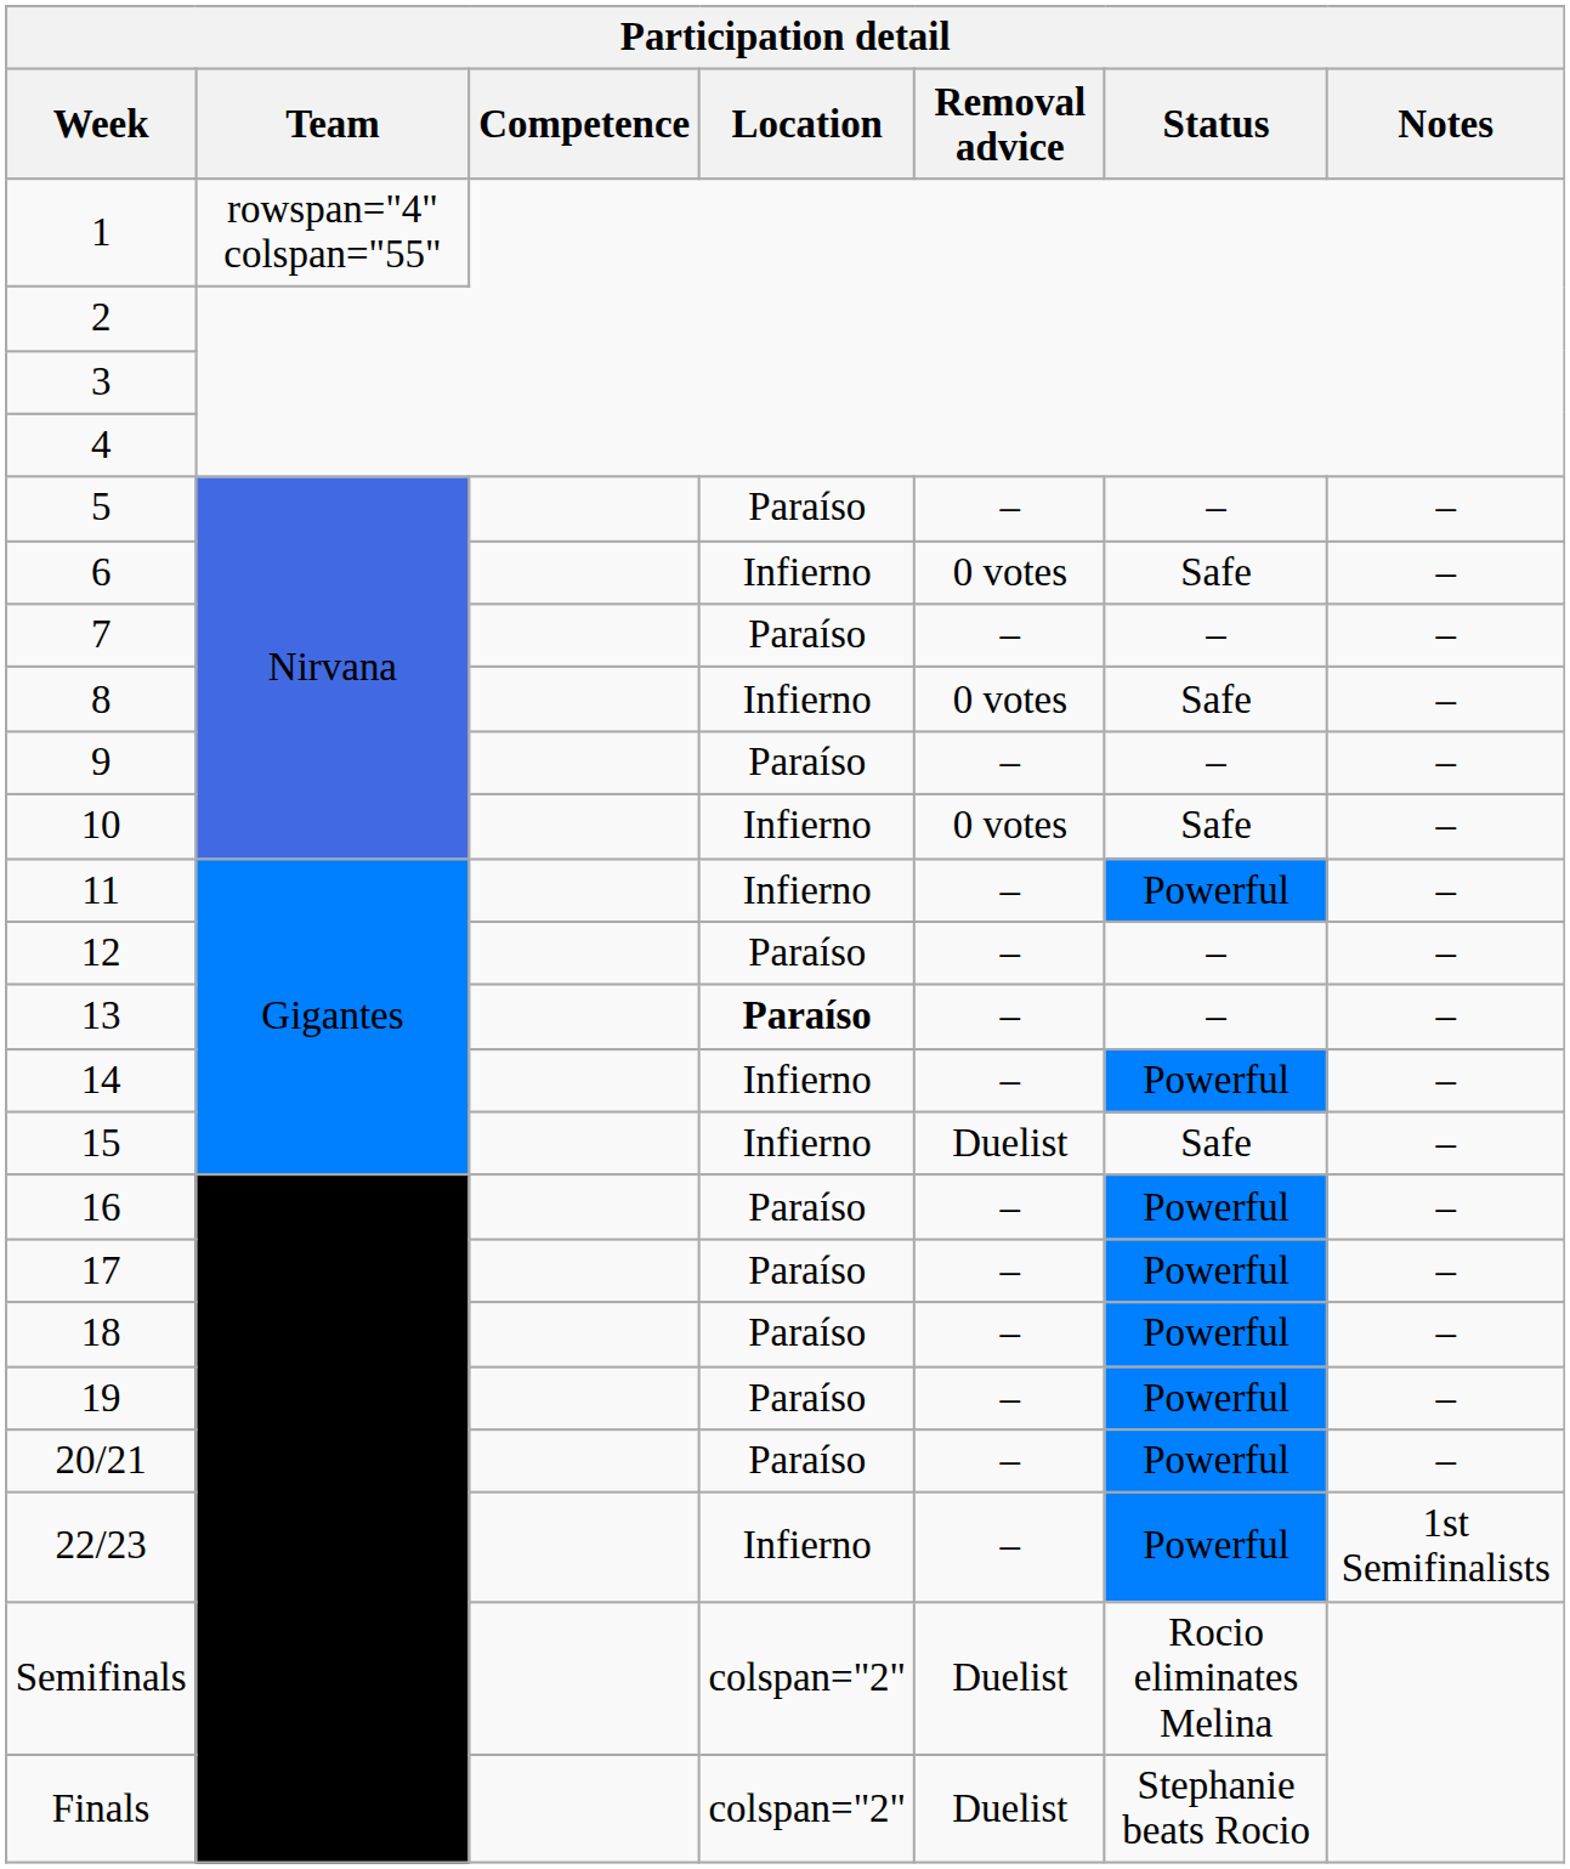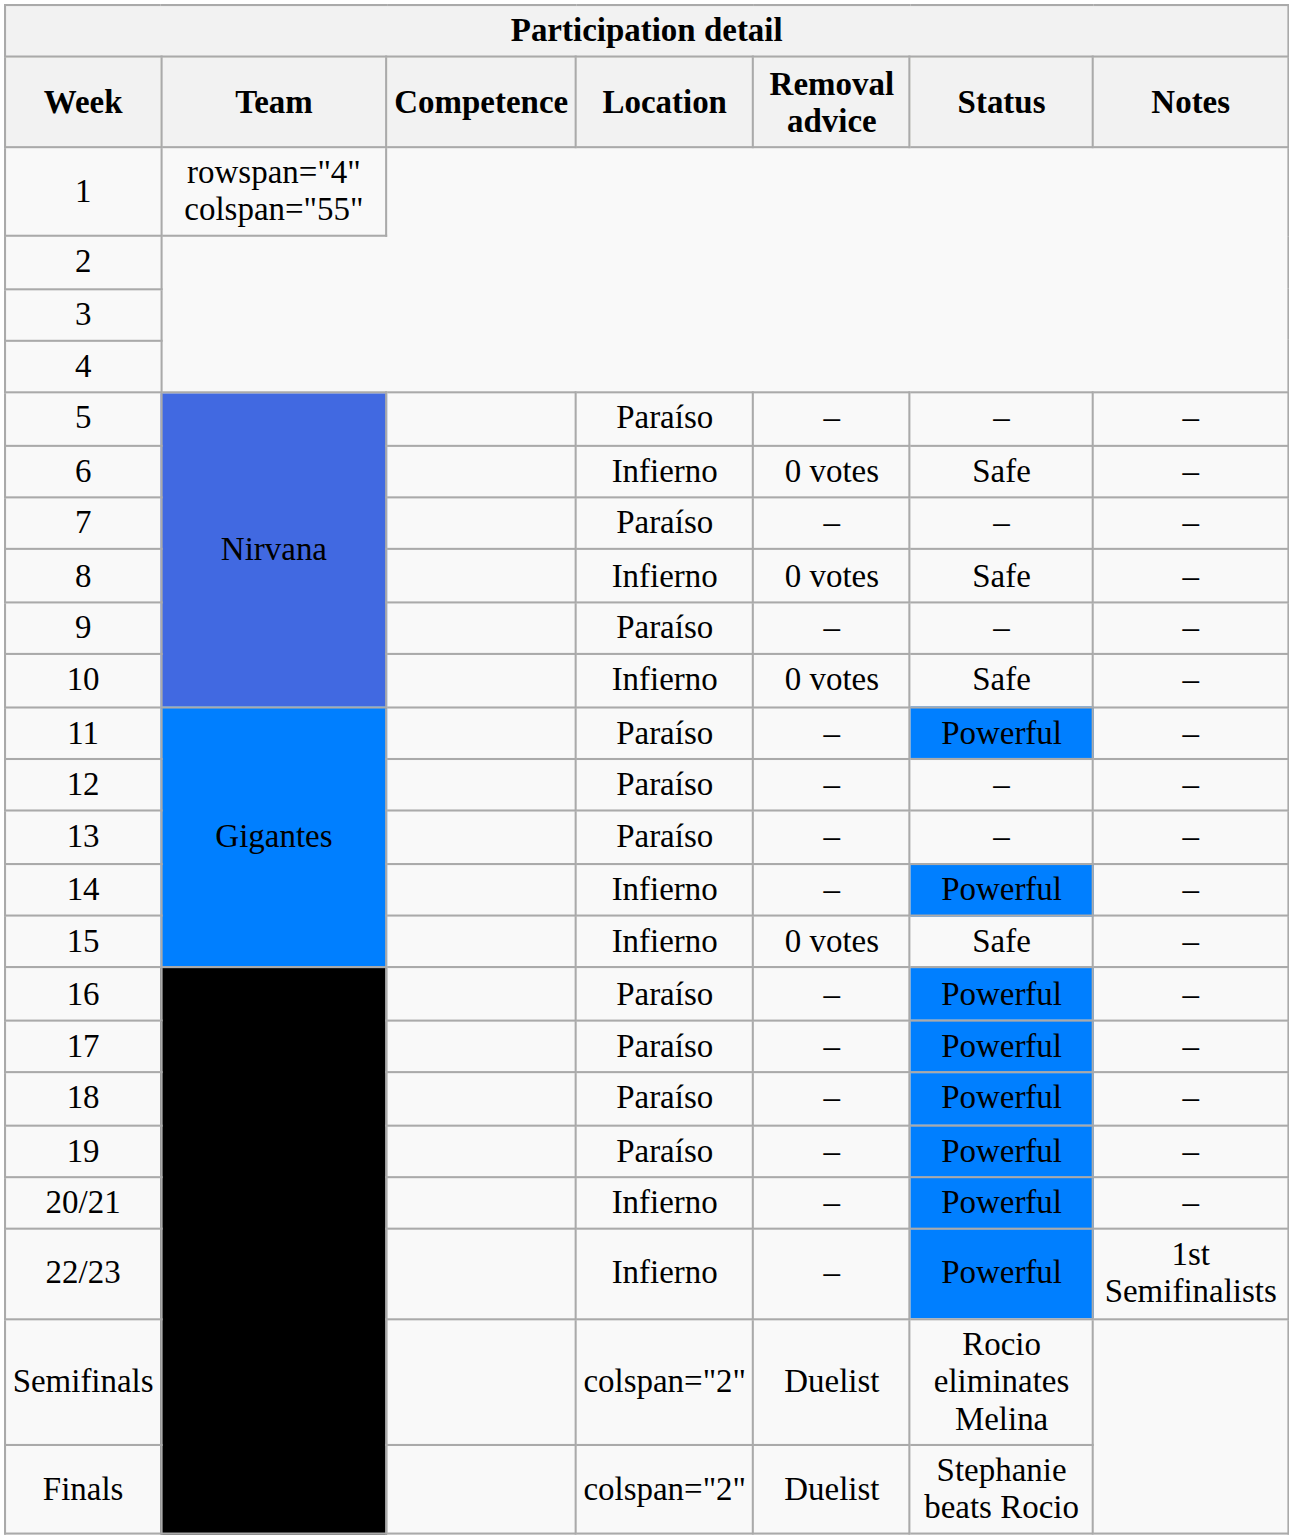 <table class="wikitable collapsible collapsed" style="width:100%; margin:auto;">
 <tr>
 <th colspan="55">Participation detail</th>
 </tr>
 <tr style="background:beige" bgcolor="#DDDDDD">
 <th>Week</th>
 <th>Team</th>
 <th>Competence</th>
 <th>Location</th>
 <th>Removal advice</th>
 <th>Status</th>
 <th>Notes</th>
 </tr>
 <tr style="text-align: center;">
 <td>1</td>
 <td>rowspan="4" colspan="55" </td>
 </tr>
 <tr style="text-align: center;">
 <td>2</td>
 </tr>
 <tr style="text-align: center;">
 <td>3</td>
 </tr>
 <tr style="text-align: center;">
 <td>4</td>
 </tr>
 <tr style="text-align: center;">
 <td>5</td>
 <td rowspan="6" bgcolor="RoyalBlue">Nirvana</td>
 <td></td>
 <td>Paraíso</td>
 <td>–</td>
 <td>–</td>
 <td>–</td>
 </tr>
 <tr style="text-align: center;">
 <td>6</td>
 <td></td>
 <td>Infierno</td>
 <td>0 votes</td>
 <td>Safe</td>
 <td>–</td>
 </tr>
 <tr style="text-align: center;">
 <td>7</td>
 <td></td>
 <td>Paraíso</td>
 <td>–</td>
 <td>–</td>
 <td>–</td>
 </tr>
 <tr style="text-align: center;">
 <td>8</td>
 <td></td>
 <td>Infierno</td>
 <td>0 votes</td>
 <td>Safe</td>
 <td>–</td>
 </tr>
 <tr style="text-align: center;">
 <td>9</td>
 <td></td>
 <td>Paraíso</td>
 <td>–</td>
 <td>–</td>
 <td>–</td>
 </tr>
 <tr style="text-align: center;">
 <td>10</td>
 <td></td>
 <td>Infierno</td>
 <td>0 votes</td>
 <td>Safe</td>
 <td>–</td>
 </tr>
 <tr style="text-align: center;">
 <td>11</td>
 <td rowspan="5" bgcolor="#007FFF">Gigantes</td>
 <td></td>
-<td>Infierno</td>
+<td>Paraíso</td>
 <td>–</td>
 <td bgcolor="#007FFF">Powerful</td>
 <td>–</td>
 </tr>
 <tr style="text-align: center;">
 <td>12</td>
 <td></td>
 <td>Paraíso</td>
 <td>–</td>
 <td>–</td>
 <td>–</td>
 </tr>
 <tr style="text-align: center;">
 <td>13</td>
 <td></td>
-<td><strong>Paraíso</strong></td>
+<td>Paraíso</td>
 <td>–</td>
 <td>–</td>
 <td>–</td>
 </tr>
 <tr style="text-align: center;">
 <td>14</td>
 <td></td>
 <td>Infierno</td>
 <td>–</td>
 <td bgcolor="#007FFF">Powerful</td>
 <td>–</td>
 </tr>
 <tr style="text-align: center;">
 <td>15</td>
 <td></td>
 <td>Infierno</td>
-<td>Duelist</td>
+<td>0 votes</td>
 <td>Safe</td>
 <td>–</td>
 </tr>
 <tr style="text-align: center;">
 <td>16</td>
 <td rowspan="55" bgcolor="black"></td>
 <td></td>
 <td>Paraíso</td>
 <td>–</td>
 <td bgcolor="#007FFF">Powerful</td>
 <td>–</td>
 </tr>
 <tr style="text-align: center;">
 <td>17</td>
 <td></td>
 <td>Paraíso</td>
 <td>–</td>
 <td bgcolor="#007FFF">Powerful</td>
 <td>–</td>
 </tr>
 <tr style="text-align: center;">
 <td>18</td>
 <td></td>
 <td>Paraíso</td>
 <td>–</td>
 <td bgcolor="#007FFF">Powerful</td>
 <td>–</td>
 </tr>
 <tr style="text-align: center;">
 <td>19</td>
 <td></td>
 <td>Paraíso</td>
 <td>–</td>
 <td bgcolor="#007FFF">Powerful</td>
 <td>–</td>
 </tr>
 <tr style="text-align: center;">
 <td>20/21</td>
 <td></td>
-<td>Paraíso</td>
+<td>Infierno</td>
 <td>–</td>
 <td bgcolor="#007FFF">Powerful</td>
 <td>–</td>
 </tr>
 <tr style="text-align: center;">
 <td>22/23</td>
 <td></td>
 <td>Infierno</td>
 <td>–</td>
 <td bgcolor="#007FFF">Powerful</td>
 <td>1st Semifinalists</td>
 </tr>
 <tr style="text-align: center;">
 <td>Semifinals</td>
 <td></td>
 <td>colspan="2" </td>
 <td>Duelist</td>
 <td>Rocio eliminates Melina</td>
 </tr>
 <tr style="text-align: center;">
 <td>Finals</td>
 <td></td>
 <td>colspan="2" </td>
 <td>Duelist</td>
 <td>Stephanie beats Rocio</td>
 </tr>
 </table>
